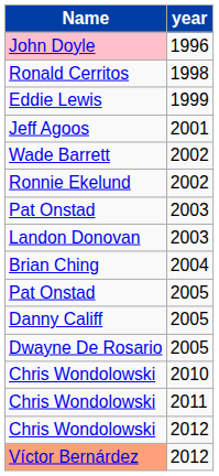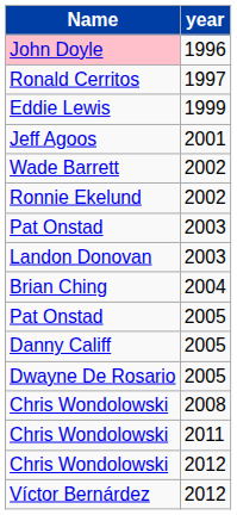 <table class="wikitable">
 <tr>
 <th style="background:#003DA5; color:#fff;" scope="col">Name</th>
 <th style="background:#003DA5; color:#fff;" scope="col">year</th>
 </tr>
 <tr>
 <td style="background: pink;"><a href='#'>John Doyle</a></td>
 <td>1996</td>
 </tr>
 <tr>
 <td><a href='#'>Ronald Cerritos</a></td>
-<td>1998</td>
+<td>1997</td>
 </tr>
 <tr>
 <td><a href='#'>Eddie Lewis</a></td>
 <td>1999</td>
 </tr>
 <tr>
 <td><a href='#'>Jeff Agoos</a></td>
 <td>2001</td>
 </tr>
 <tr>
 <td><a href='#'>Wade Barrett</a></td>
 <td>2002</td>
 </tr>
 <tr>
 <td><a href='#'>Ronnie Ekelund</a></td>
 <td>2002</td>
 </tr>
 <tr>
 <td><a href='#'>Pat Onstad</a></td>
 <td>2003</td>
 </tr>
 <tr>
 <td><a href='#'>Landon Donovan</a></td>
 <td>2003</td>
 </tr>
 <tr>
 <td><a href='#'>Brian Ching</a></td>
 <td>2004</td>
 </tr>
 <tr>
 <td><a href='#'>Pat Onstad</a></td>
 <td>2005</td>
 </tr>
 <tr>
 <td><a href='#'>Danny Califf</a></td>
 <td>2005</td>
 </tr>
 <tr>
 <td><a href='#'>Dwayne De Rosario</a></td>
 <td>2005</td>
 </tr>
 <tr>
 <td><a href='#'>Chris Wondolowski</a></td>
-<td>2010</td>
+<td>2008</td>
 </tr>
 <tr>
 <td><a href='#'>Chris Wondolowski</a></td>
 <td>2011</td>
 </tr>
 <tr>
 <td><a href='#'>Chris Wondolowski</a></td>
 <td>2012</td>
 </tr>
 <tr>
-<td style="background: lightsalmon;"><a href='#'>Víctor Bernárdez</a></td>
+<td><a href='#'>Víctor Bernárdez</a></td>
 <td>2012</td>
 </tr>
 </table>
